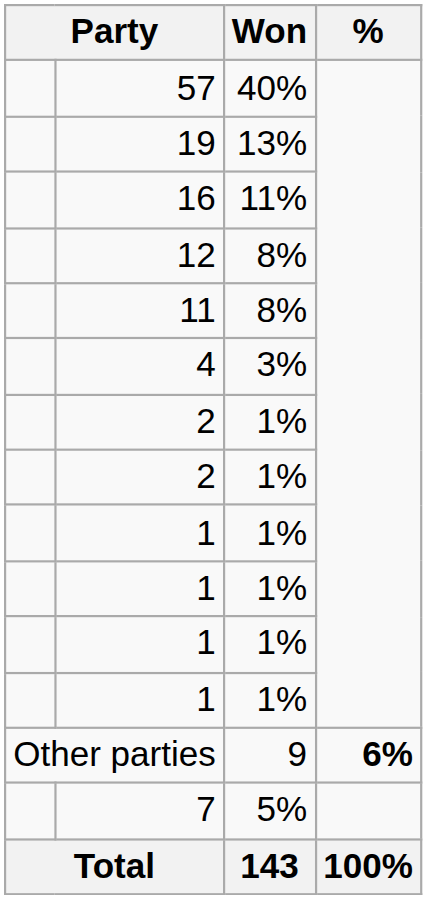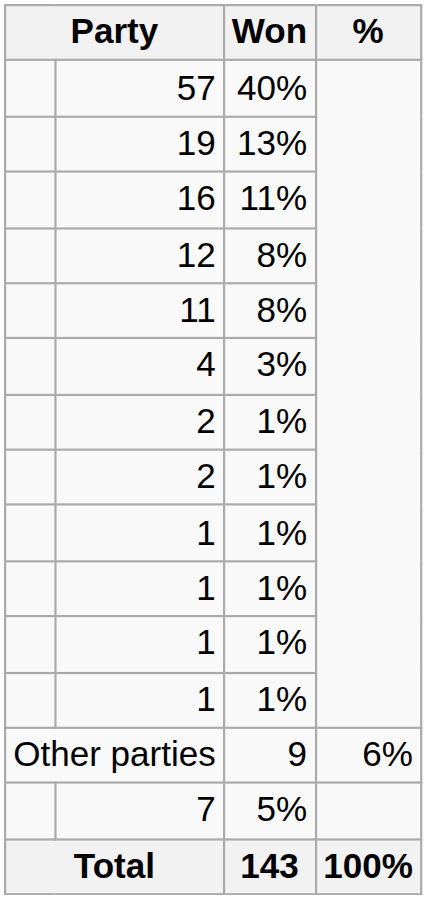 <table class=wikitable style="text-align:right;">
 <tr>
 <th colspan=2>Party</th>
 <th>Won</th>
 <th>%</th>
 </tr>
 <tr>
 <td></td>
 <td>57</td>
 <td>40%</td>
 </tr>
 <tr>
 <td></td>
 <td>19</td>
 <td>13%</td>
 </tr>
 <tr>
 <td></td>
 <td>16</td>
 <td>11%</td>
 </tr>
 <tr>
 <td></td>
 <td>12</td>
 <td>8%</td>
 </tr>
 <tr>
 <td></td>
 <td>11</td>
 <td>8%</td>
 </tr>
 <tr>
 <td></td>
 <td>4</td>
 <td>3%</td>
 </tr>
 <tr>
 <td></td>
 <td>2</td>
 <td>1%</td>
 </tr>
 <tr>
 <td></td>
 <td>2</td>
 <td>1%</td>
 </tr>
 <tr>
 <td></td>
 <td>1</td>
 <td>1%</td>
 </tr>
 <tr>
 <td></td>
 <td>1</td>
 <td>1%</td>
 </tr>
 <tr>
 <td></td>
 <td>1</td>
 <td>1%</td>
 </tr>
 <tr>
 <td></td>
 <td>1</td>
 <td>1%</td>
 </tr>
 <tr>
 <td colspan=2 align=left>Other parties</td>
 <td>9</td>
-<td><strong>6%</strong></td>
+<td>6%</td>
 </tr>
 <tr>
 <td></td>
 <td>7</td>
 <td>5%</td>
 </tr>
 <tr>
 <th colspan=2>Total</th>
 <th>143</th>
 <th>100%</th>
 </tr>
 </table>
